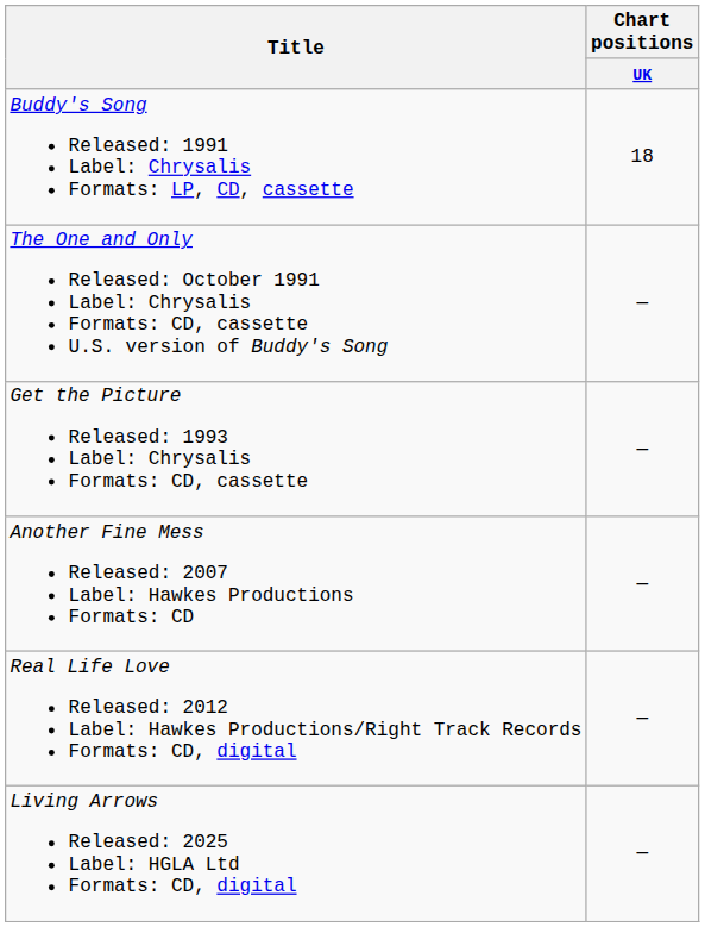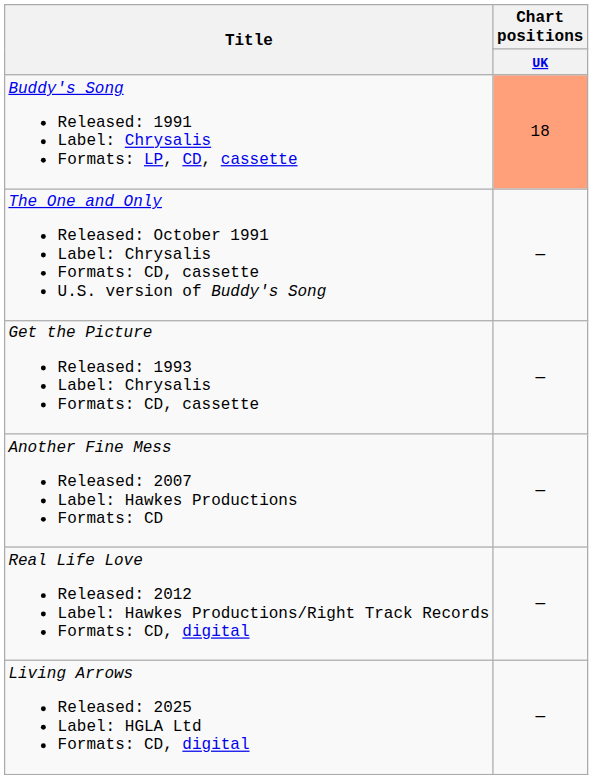 <table class="wikitable">
 <tr>
 <th rowspan="2">Title</th>
 <th colspan="1">Chart positions</th>
 </tr>
 <tr>
 <th width="35"><small><a href='#'>UK</a></small><br></th>
 </tr>
 <tr>
 <td><em><a href='#'>Buddy's Song</a></em><br><ul><li>Released: 1991</li><li>Label: <a href='#'>Chrysalis</a></li><li>Formats: <a href='#'>LP</a>, <a href='#'>CD</a>, <a href='#'>cassette</a></li></ul></td>
-<td style="text-align: center;">18</td>
+<td style="background: lightsalmon; text-align: center;">18</td>
 </tr>
 <tr>
 <td><em><a href='#'>The One and Only</a></em><br><ul><li>Released: October 1991</li><li>Label: Chrysalis</li><li>Formats: CD, cassette</li><li>U.S. version of <em>Buddy's Song</em></li></ul></td>
 <td style="text-align: center;">—</td>
 </tr>
 <tr>
 <td><em>Get the Picture</em><br><ul><li>Released: 1993</li><li>Label: Chrysalis</li><li>Formats: CD, cassette</li></ul></td>
 <td style="text-align: center;">—</td>
 </tr>
 <tr>
 <td><em>Another Fine Mess</em><br><ul><li>Released: 2007</li><li>Label: Hawkes Productions</li><li>Formats: CD</li></ul></td>
 <td style="text-align: center;">—</td>
 </tr>
 <tr>
 <td><em>Real Life Love</em><br><ul><li>Released: 2012</li><li>Label: Hawkes Productions/Right Track Records</li><li>Formats: CD, <a href='#'>digital</a></li></ul></td>
 <td style="text-align: center;">—</td>
 </tr>
 <tr>
 <td><em>Living Arrows</em><br><ul><li>Released: 2025</li><li>Label: HGLA Ltd</li><li>Formats: CD, <a href='#'>digital</a></li></ul></td>
 <td style="text-align: center;">—</td>
 </tr>
 <tr>
 </tr>
 </table>
